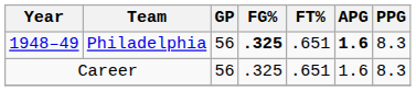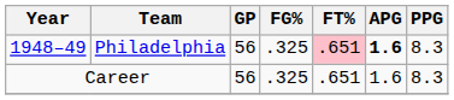 <table class="wikitable sortable" style="font-size:95%; text-align:right;">
 <tr>
 <th>Year</th>
 <th>Team</th>
 <th>GP</th>
 <th>FG%</th>
 <th>FT%</th>
 <th>APG</th>
 <th>PPG</th>
 </tr>
 <tr>
 <td style="text-align:left;"><a href='#'>1948–49</a></td>
 <td style="text-align:left;"><a href='#'>Philadelphia</a></td>
 <td>56</td>
-<td><strong>.325</strong></td>
-<td>.651</td>
+<td>.325</td>
+<td style="background: pink;">.651</td>
 <td><strong>1.6</strong></td>
 <td>8.3</td>
 </tr>
 <tr>
 <td style="text-align:center;" colspan="2">Career</td>
 <td>56</td>
 <td>.325</td>
 <td>.651</td>
 <td>1.6</td>
 <td>8.3</td>
 </tr>
 <tr>
 </tr>
 </table>
